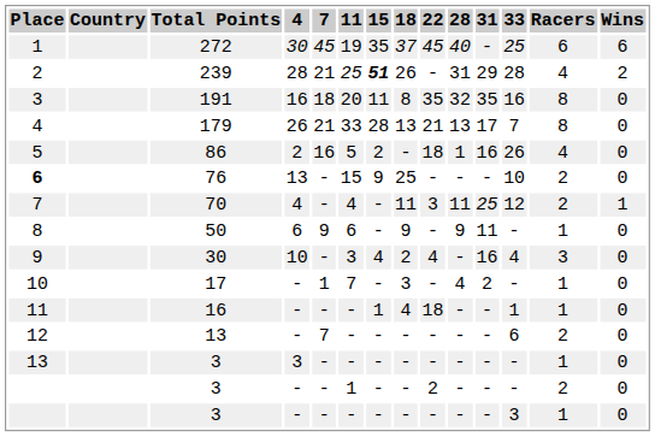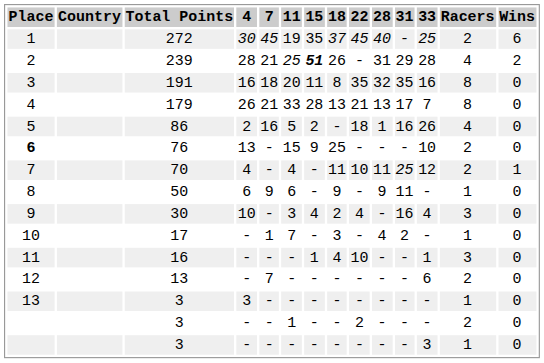 <table border="0" style="border: 1px solid #999; background-color:#FFFFFF; text-align:center">
 <tr align="center" bgcolor="#CCCCCC">
 <th>Place</th>
 <th>Country</th>
 <th>Total Points</th>
 <th>4</th>
 <th>7</th>
 <th>11</th>
 <th>15</th>
 <th>18</th>
 <th>22</th>
 <th>28</th>
 <th>31</th>
 <th>33</th>
 <th>Racers</th>
 <th>Wins</th>
 </tr>
 <tr bgcolor="#EFEFEF">
 <td>1</td>
 <td align="left"></td>
 <td>272</td>
 <td><em>30</em></td>
 <td><em>45</em></td>
 <td>19</td>
 <td>35</td>
 <td><em>37</em></td>
 <td><em>45</em></td>
 <td><em>40</em></td>
 <td>-</td>
 <td><em>25</em></td>
-<td>6</td>
+<td>2</td>
 <td>6</td>
 </tr>
 <tr>
 <td>2</td>
 <td align="left"></td>
 <td>239</td>
 <td>28</td>
 <td>21</td>
 <td><em>25</em></td>
 <td><strong><em>51</em></strong></td>
 <td>26</td>
 <td>-</td>
 <td>31</td>
 <td>29</td>
 <td>28</td>
 <td>4</td>
 <td>2</td>
 </tr>
 <tr bgcolor="#EFEFEF">
 <td>3</td>
 <td align="left"></td>
 <td>191</td>
 <td>16</td>
 <td>18</td>
 <td>20</td>
 <td>11</td>
 <td>8</td>
 <td>35</td>
 <td>32</td>
 <td>35</td>
 <td>16</td>
 <td>8</td>
 <td>0</td>
 </tr>
 <tr>
 <td>4</td>
 <td align="left"></td>
 <td>179</td>
 <td>26</td>
 <td>21</td>
 <td>33</td>
 <td>28</td>
 <td>13</td>
 <td>21</td>
 <td>13</td>
 <td>17</td>
 <td>7</td>
 <td>8</td>
 <td>0</td>
 </tr>
 <tr bgcolor="#EFEFEF">
 <td>5</td>
 <td align="left"></td>
 <td>86</td>
 <td>2</td>
 <td>16</td>
 <td>5</td>
 <td>2</td>
 <td>-</td>
 <td>18</td>
 <td>1</td>
 <td>16</td>
 <td>26</td>
 <td>4</td>
 <td>0</td>
 </tr>
 <tr>
 <td><strong>6</strong></td>
 <td align="left"></td>
 <td>76</td>
 <td>13</td>
 <td>-</td>
 <td>15</td>
 <td>9</td>
 <td>25</td>
 <td>-</td>
 <td>-</td>
 <td>-</td>
 <td>10</td>
 <td>2</td>
 <td>0</td>
 </tr>
 <tr bgcolor="#EFEFEF">
 <td>7</td>
 <td align="left"></td>
 <td>70</td>
 <td>4</td>
 <td>-</td>
 <td>4</td>
 <td>-</td>
 <td>11</td>
-<td>3</td>
+<td>10</td>
 <td>11</td>
 <td><em>25</em></td>
 <td>12</td>
 <td>2</td>
 <td>1</td>
 </tr>
 <tr>
 <td>8</td>
 <td align="left"></td>
 <td>50</td>
 <td>6</td>
 <td>9</td>
 <td>6</td>
 <td>-</td>
 <td>9</td>
 <td>-</td>
 <td>9</td>
 <td>11</td>
 <td>-</td>
 <td>1</td>
 <td>0</td>
 </tr>
 <tr bgcolor="#EFEFEF">
 <td>9</td>
 <td align="left"></td>
 <td>30</td>
 <td>10</td>
 <td>-</td>
 <td>3</td>
 <td>4</td>
 <td>2</td>
 <td>4</td>
 <td>-</td>
 <td>16</td>
 <td>4</td>
 <td>3</td>
 <td>0</td>
 </tr>
 <tr>
 <td>10</td>
 <td align="left"></td>
 <td>17</td>
 <td>-</td>
 <td>1</td>
 <td>7</td>
 <td>-</td>
 <td>3</td>
 <td>-</td>
 <td>4</td>
 <td>2</td>
 <td>-</td>
 <td>1</td>
 <td>0</td>
 </tr>
 <tr bgcolor="#EFEFEF">
 <td>11</td>
 <td align="left"></td>
 <td>16</td>
 <td>-</td>
 <td>-</td>
 <td>-</td>
 <td>1</td>
 <td>4</td>
-<td>18</td>
+<td>10</td>
 <td>-</td>
 <td>-</td>
 <td>1</td>
-<td>1</td>
+<td>3</td>
 <td>0</td>
 </tr>
 <tr>
 <td>12</td>
 <td align="left"></td>
 <td>13</td>
 <td>-</td>
 <td>7</td>
 <td>-</td>
 <td>-</td>
 <td>-</td>
 <td>-</td>
 <td>-</td>
 <td>-</td>
 <td>6</td>
 <td>2</td>
 <td>0</td>
 </tr>
 <tr bgcolor="#EFEFEF">
 <td>13</td>
 <td align="left"></td>
 <td>3</td>
 <td>3</td>
 <td>-</td>
 <td>-</td>
 <td>-</td>
 <td>-</td>
 <td>-</td>
 <td>-</td>
 <td>-</td>
 <td>-</td>
 <td>1</td>
 <td>0</td>
 </tr>
 <tr>
 <td></td>
 <td align="left"></td>
 <td>3</td>
 <td>-</td>
 <td>-</td>
 <td>1</td>
 <td>-</td>
 <td>-</td>
 <td>2</td>
 <td>-</td>
 <td>-</td>
 <td>-</td>
 <td>2</td>
 <td>0</td>
 </tr>
 <tr bgcolor="#EFEFEF">
 <td></td>
 <td align="left"></td>
 <td>3</td>
 <td>-</td>
 <td>-</td>
 <td>-</td>
 <td>-</td>
 <td>-</td>
 <td>-</td>
 <td>-</td>
 <td>-</td>
 <td>3</td>
 <td>1</td>
 <td>0</td>
 </tr>
 </table>
